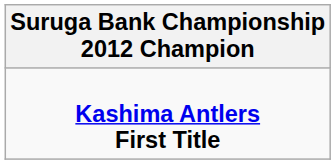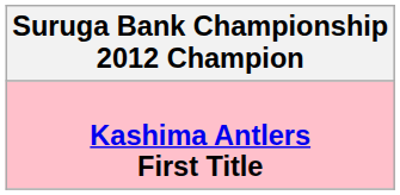 <table class="wikitable" style="text-align: center; margin: 0 auto;">
 <tr>
 <th>Suruga Bank Championship<br>2012 Champion</th>
 </tr>
 <tr>
-<td><br><strong><a href='#'>Kashima Antlers</a></strong><br><strong>First Title</strong></td>
+<td style="background: pink;"><br><strong><a href='#'>Kashima Antlers</a></strong><br><strong>First Title</strong></td>
 </tr>
 </table>
